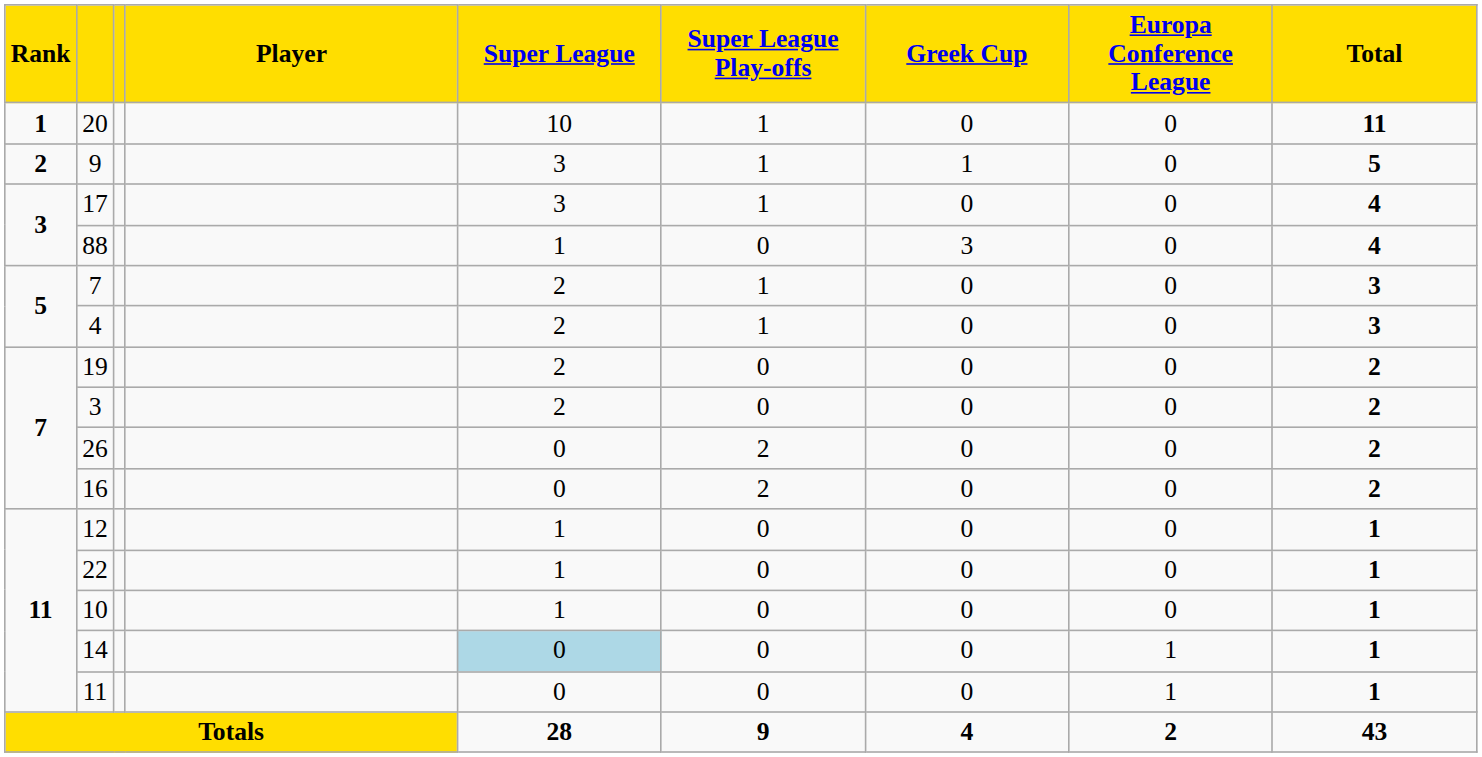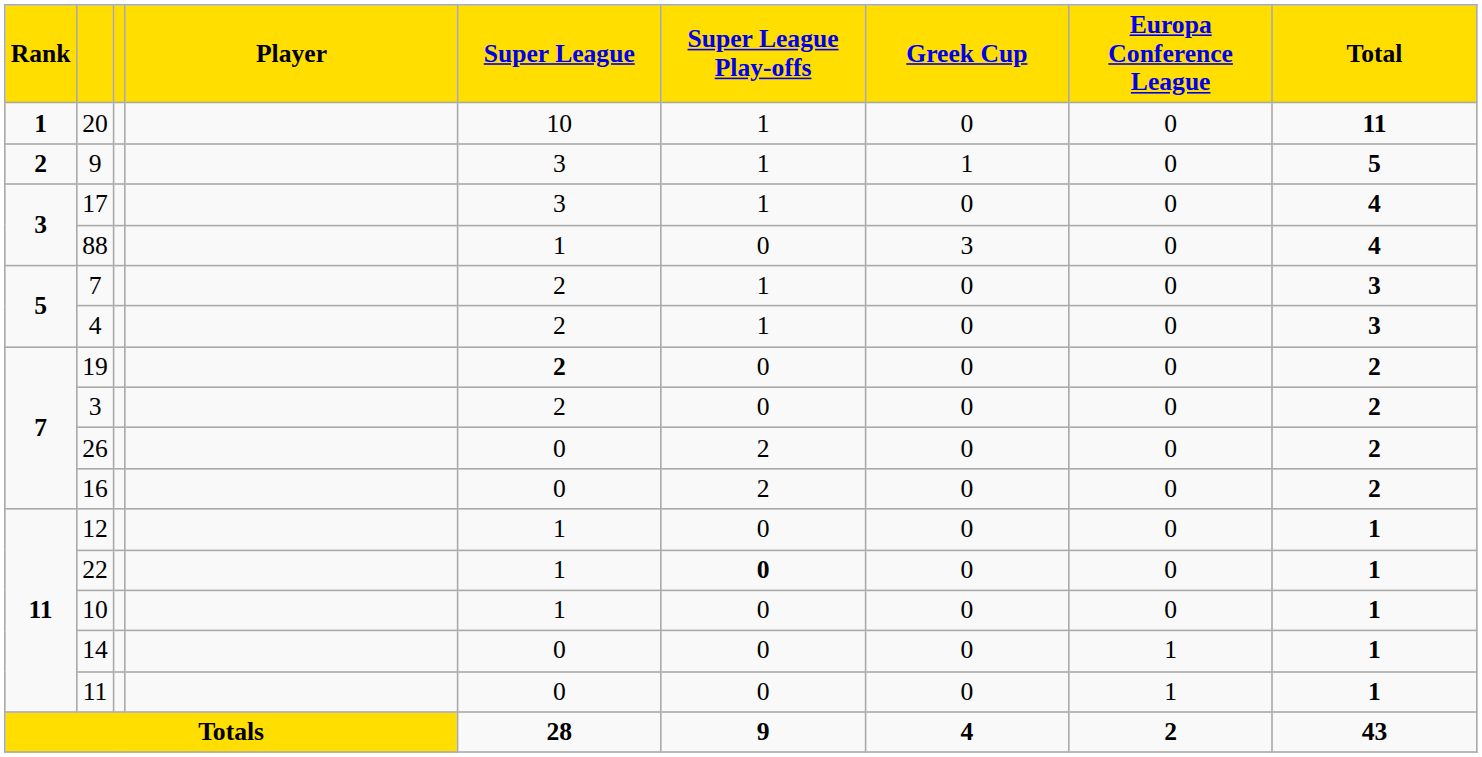 <table class="wikitable sortable" style="text-align: center">
 <tr>
 <th style="background:#FFDE00">Rank</th>
 <th style="background:#FFDE00"></th>
 <th style="background:#FFDE00"></th>
 <th width=200 style="background:#FFDE00">Player</th>
 <th width=120 style="background:#FFDE00"><a href='#'>Super League</a></th>
 <th width=120 style="background:#FFDE00"><a href='#'>Super League Play-offs</a></th>
 <th width=120 style="background:#FFDE00"><a href='#'>Greek Cup</a></th>
 <th width=120 style="background:#FFDE00"><a href='#'>Europa Conference League</a></th>
 <th width=120 style="background:#FFDE00">Total</th>
 </tr>
 <tr>
 <td><strong>1</strong></td>
 <td>20</td>
 <td></td>
 <td align=left></td>
 <td>10</td>
 <td>1</td>
 <td>0</td>
 <td>0</td>
 <td><strong>11</strong></td>
 </tr>
 <tr>
 <td><strong>2</strong></td>
 <td>9</td>
 <td></td>
 <td align=left></td>
 <td>3</td>
 <td>1</td>
 <td>1</td>
 <td>0</td>
 <td><strong>5</strong></td>
 </tr>
 <tr>
 <td rowspan=2><strong>3</strong></td>
 <td>17</td>
 <td></td>
 <td align=left></td>
 <td>3</td>
 <td>1</td>
 <td>0</td>
 <td>0</td>
 <td><strong>4</strong></td>
 </tr>
 <tr>
 <td>88</td>
 <td></td>
 <td align=left></td>
 <td>1</td>
 <td>0</td>
 <td>3</td>
 <td>0</td>
 <td><strong>4</strong></td>
 </tr>
 <tr>
 <td rowspan=2><strong>5</strong></td>
 <td>7</td>
 <td></td>
 <td align=left></td>
 <td>2</td>
 <td>1</td>
 <td>0</td>
 <td>0</td>
 <td><strong>3</strong></td>
 </tr>
 <tr>
 <td>4</td>
 <td></td>
 <td align=left></td>
 <td>2</td>
 <td>1</td>
 <td>0</td>
 <td>0</td>
 <td><strong>3</strong></td>
 </tr>
 <tr>
 <td rowspan=4><strong>7</strong></td>
 <td>19</td>
 <td></td>
 <td align=left></td>
-<td>2</td>
+<td><strong>2</strong></td>
 <td>0</td>
 <td>0</td>
 <td>0</td>
 <td><strong>2</strong></td>
 </tr>
 <tr>
 <td>3</td>
 <td></td>
 <td align=left></td>
 <td>2</td>
 <td>0</td>
 <td>0</td>
 <td>0</td>
 <td><strong>2</strong></td>
 </tr>
 <tr>
 <td>26</td>
 <td></td>
 <td align=left></td>
 <td>0</td>
 <td>2</td>
 <td>0</td>
 <td>0</td>
 <td><strong>2</strong></td>
 </tr>
 <tr>
 <td>16</td>
 <td></td>
 <td align=left></td>
 <td>0</td>
 <td>2</td>
 <td>0</td>
 <td>0</td>
 <td><strong>2</strong></td>
 </tr>
 <tr>
 <td rowspan=5><strong>11</strong></td>
 <td>12</td>
 <td></td>
 <td align=left></td>
 <td>1</td>
 <td>0</td>
 <td>0</td>
 <td>0</td>
 <td><strong>1</strong></td>
 </tr>
 <tr>
 <td>22</td>
 <td></td>
 <td align=left></td>
 <td>1</td>
-<td>0</td>
+<td><strong>0</strong></td>
 <td>0</td>
 <td>0</td>
 <td><strong>1</strong></td>
 </tr>
 <tr>
 <td>10</td>
 <td></td>
 <td align=left></td>
 <td>1</td>
 <td>0</td>
 <td>0</td>
 <td>0</td>
 <td><strong>1</strong></td>
 </tr>
 <tr>
 <td>14</td>
 <td></td>
 <td align=left></td>
-<td style="background: lightblue;">0</td>
+<td>0</td>
 <td>0</td>
 <td>0</td>
 <td>1</td>
 <td><strong>1</strong></td>
 </tr>
 <tr>
 <td>11</td>
 <td></td>
 <td align=left></td>
 <td>0</td>
 <td>0</td>
 <td>0</td>
 <td>1</td>
 <td><strong>1</strong></td>
 </tr>
 <tr class="sortbottom">
 <th colspan=4 style="background:#FFDE00"><strong>Totals</strong></th>
 <td><strong>28</strong></td>
 <td><strong> 9</strong></td>
 <td><strong> 4</strong></td>
 <td><strong> 2</strong></td>
 <td><strong>43</strong></td>
 </tr>
 </table>
